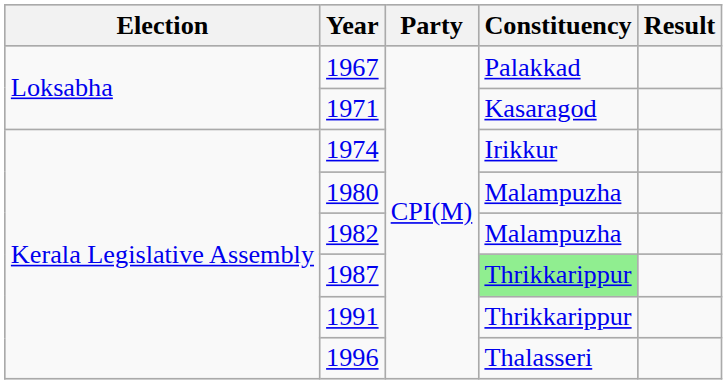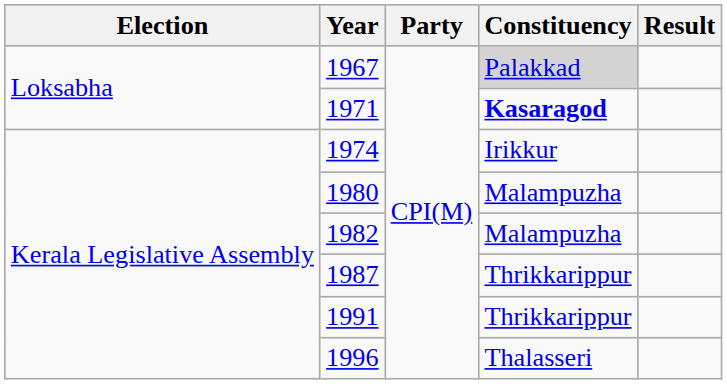 <table class="sortable wikitable">
 <tr>
 <th>Election</th>
 <th>Year</th>
 <th>Party</th>
 <th>Constituency</th>
 <th>Result</th>
 </tr>
 <tr>
 <td rowspan = "2"><a href='#'>Loksabha</a></td>
 <td><a href='#'>1967</a></td>
 <td rowspan = "8"><a href='#'>CPI(M)</a></td>
-<td><a href='#'>Palakkad</a></td>
+<td style="background: lightgrey;"><a href='#'>Palakkad</a></td>
 <td></td>
 </tr>
 <tr>
 <td><a href='#'>1971</a></td>
-<td><a href='#'>Kasaragod</a></td>
+<td><strong><a href='#'>Kasaragod</a></strong></td>
 <td></td>
 </tr>
 <tr>
 <td rowspan = "6"><a href='#'>Kerala Legislative Assembly</a></td>
 <td><a href='#'>1974</a></td>
 <td><a href='#'>Irikkur</a></td>
 <td></td>
 </tr>
 <tr>
 <td><a href='#'>1980</a></td>
 <td><a href='#'>Malampuzha</a></td>
 <td></td>
 </tr>
 <tr>
 <td><a href='#'>1982</a></td>
 <td><a href='#'>Malampuzha</a></td>
 <td></td>
 </tr>
 <tr>
 <td><a href='#'>1987</a></td>
-<td style="background: lightgreen;"><a href='#'>Thrikkarippur</a></td>
+<td><a href='#'>Thrikkarippur</a></td>
 <td></td>
 </tr>
 <tr>
 <td><a href='#'>1991</a></td>
 <td><a href='#'>Thrikkarippur</a></td>
 <td></td>
 </tr>
 <tr>
 <td><a href='#'>1996</a></td>
 <td><a href='#'>Thalasseri</a></td>
 <td></td>
 </tr>
 </table>
